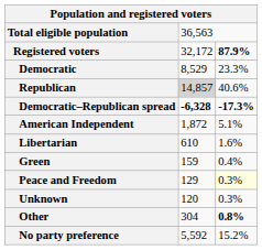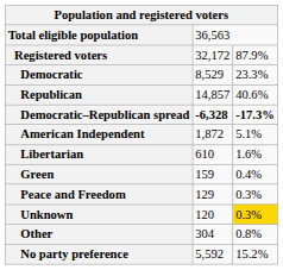 <table class="wikitable collapsible collapsed">
 <tr>
 <th colspan="3">Population and registered voters</th>
 </tr>
 <tr>
 <th scope="row" style="text-align: left;">Total eligible population</th>
 <td colspan="2">36,563</td>
 </tr>
 <tr>
 <th scope="row" style="text-align: left;">  Registered voters</th>
 <td>32,172</td>
-<td><strong>87.9%</strong></td>
+<td>87.9%</td>
 </tr>
 <tr>
 <th scope="row" style="text-align: left;">    Democratic</th>
 <td>8,529</td>
 <td>23.3%</td>
 </tr>
 <tr>
 <th scope="row" style="text-align: left;">    Republican</th>
-<td style="background: lightgrey;">14,857</td>
+<td>14,857</td>
 <td>40.6%</td>
 </tr>
 <tr>
 <th scope="row" style="text-align: left;">    Democratic–Republican spread</th>
 <td><span><strong>-6,328</strong></span></td>
 <td><span><strong>-17.3%</strong></span></td>
 </tr>
 <tr>
 <th scope="row" style="text-align: left;">    American Independent</th>
 <td>1,872</td>
 <td>5.1%</td>
 </tr>
 <tr>
 <th scope="row" style="text-align: left;">    Libertarian</th>
 <td>610</td>
 <td>1.6%</td>
 </tr>
 <tr>
 <th scope="row" style="text-align: left;">    Green</th>
 <td>159</td>
 <td>0.4%</td>
 </tr>
 <tr>
 <th scope="row" style="text-align: left;">    Peace and Freedom</th>
 <td>129</td>
-<td style="background: lightyellow;">0.3%</td>
+<td>0.3%</td>
 </tr>
 <tr>
 <th scope="row" style="text-align: left;">    Unknown</th>
 <td>120</td>
-<td>0.3%</td>
+<td style="background: gold;">0.3%</td>
 </tr>
 <tr>
 <th scope="row" style="text-align: left;">    Other</th>
 <td>304</td>
-<td><strong>0.8%</strong></td>
+<td>0.8%</td>
 </tr>
 <tr>
 <th scope="row" style="text-align: left;">    No party preference</th>
 <td>5,592</td>
 <td>15.2%</td>
 </tr>
 </table>
